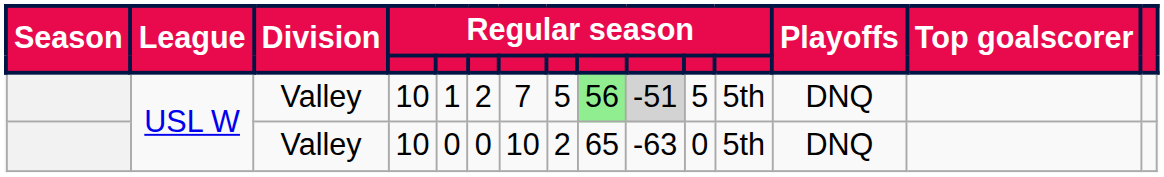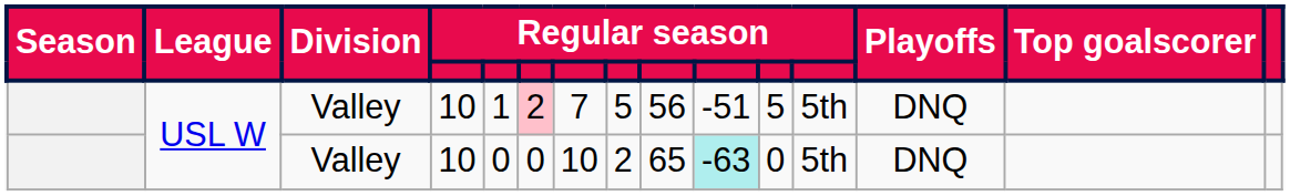 <table class="wikitable" style="text-align:center;">
 <tr>
 <th rowspan=2 style="background-color:#E80A4D; color:#FFFFFF; border:2px solid #001544;" scope="col">Season</th>
 <th rowspan=2 style="background-color:#E80A4D; color:#FFFFFF; border:2px solid #001544;" scope="col">League</th>
 <th rowspan=2 style="background-color:#E80A4D; color:#FFFFFF; border:2px solid #001544;" scope="col">Division</th>
 <th colspan=9 style="background-color:#E80A4D; color:#FFFFFF; border:2px solid #001544;" scope="colgroup">Regular season</th>
 <th rowspan=2 style="background-color:#E80A4D; color:#FFFFFF; border:2px solid #001544;" scope="col">Playoffs</th>
 <th rowspan=2 style="background-color:#E80A4D; color:#FFFFFF; border:2px solid #001544;" scope="col">Top goalscorer</th>
 <th rowspan=2 style="background-color:#E80A4D; color:#FFFFFF; border:2px solid #001544;" scope="col"></th>
 </tr>
 <tr>
 <th style="background-color:#E80A4D; color:#FFFFFF; border:2px solid #001544;" scope="col"></th>
 <th style="background-color:#E80A4D; color:#FFFFFF; border:2px solid #001544;" scope="col"></th>
 <th style="background-color:#E80A4D; color:#FFFFFF; border:2px solid #001544;" scope="col"></th>
 <th style="background-color:#E80A4D; color:#FFFFFF; border:2px solid #001544;" scope="col"></th>
 <th style="background-color:#E80A4D; color:#FFFFFF; border:2px solid #001544;" scope="col"></th>
 <th style="background-color:#E80A4D; color:#FFFFFF; border:2px solid #001544;" scope="col"></th>
 <th style="background-color:#E80A4D; color:#FFFFFF; border:2px solid #001544;" scope="col"></th>
 <th style="background-color:#E80A4D; color:#FFFFFF; border:2px solid #001544;" scope="col"></th>
 <th style="background-color:#E80A4D; color:#FFFFFF; border:2px solid #001544;" scope="col"></th>
 </tr>
 <tr>
 <th scope="row"></th>
 <td rowspan=2><a href='#'>USL W</a></td>
 <td>Valley</td>
 <td>10</td>
 <td>1</td>
-<td>2</td>
+<td style="background: pink;">2</td>
 <td>7</td>
 <td>5</td>
-<td style="background: lightgreen;">56</td>
-<td style="background: lightgrey;">-51</td>
+<td>56</td>
+<td>-51</td>
 <td>5</td>
 <td>5th</td>
 <td>DNQ</td>
 <td></td>
 <td></td>
 </tr>
 <tr>
 <th scope="row"></th>
 <td>Valley</td>
 <td>10</td>
 <td>0</td>
 <td>0</td>
 <td>10</td>
 <td>2</td>
 <td>65</td>
-<td>-63</td>
+<td style="background: paleturquoise;">-63</td>
 <td>0</td>
 <td>5th</td>
 <td>DNQ</td>
 <td></td>
 <td></td>
 </tr>
 </table>
